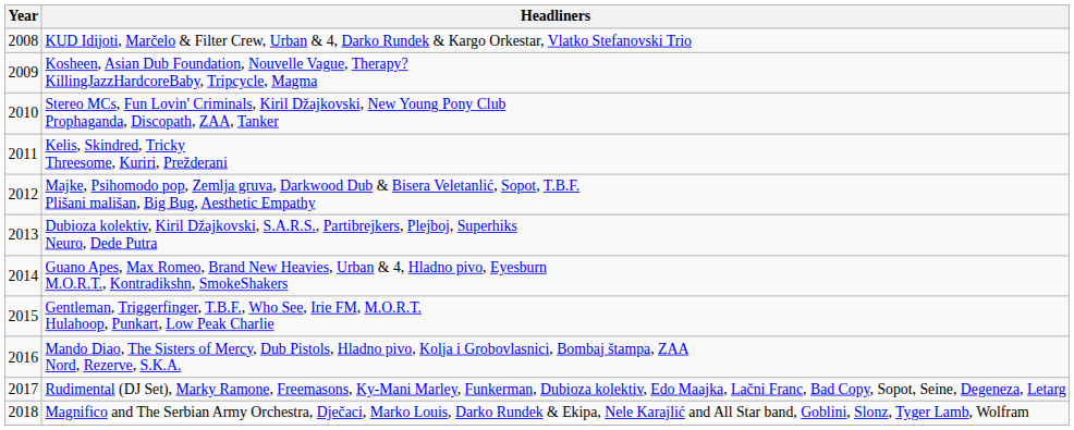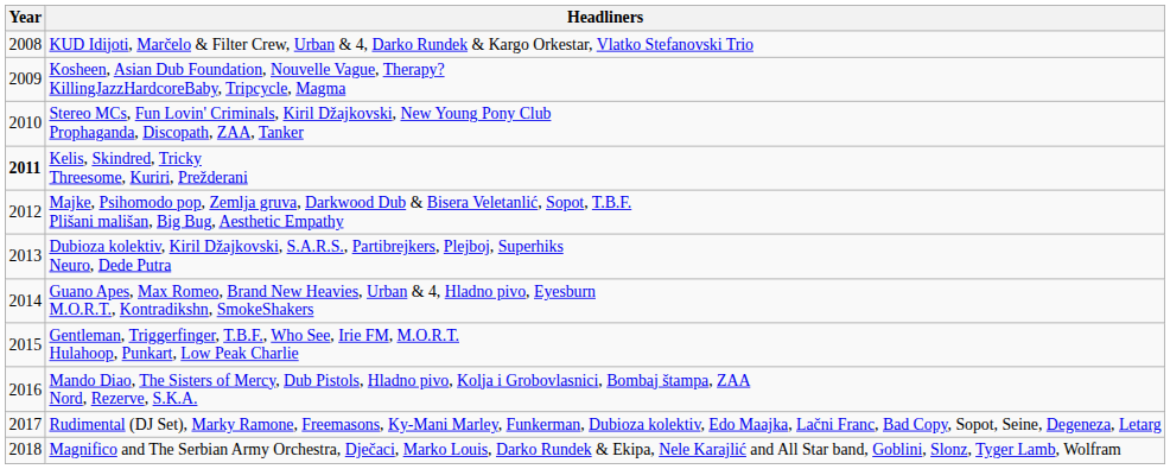 <table class="wikitable">
 <tr>
 <th>Year</th>
 <th>Headliners</th>
 </tr>
 <tr>
 <td>2008</td>
 <td><a href='#'>KUD Idijoti</a>, <a href='#'>Marčelo</a> & Filter Crew, <a href='#'>Urban</a> & 4, <a href='#'>Darko Rundek</a> & Kargo Orkestar, <a href='#'>Vlatko Stefanovski Trio</a></td>
 </tr>
 <tr>
 <td>2009</td>
 <td><a href='#'>Kosheen</a>, <a href='#'>Asian Dub Foundation</a>, <a href='#'>Nouvelle Vague</a>, <a href='#'>Therapy?</a><br><a href='#'>KillingJazzHardcoreBaby</a>, <a href='#'>Tripcycle</a>, <a href='#'>Magma</a></td>
 </tr>
 <tr>
 <td>2010</td>
 <td><a href='#'>Stereo MCs</a>, <a href='#'>Fun Lovin' Criminals</a>, <a href='#'>Kiril Džajkovski</a>, <a href='#'>New Young Pony Club</a><br><a href='#'>Prophaganda</a>, <a href='#'>Discopath</a>, <a href='#'>ZAA</a>, <a href='#'>Tanker</a></td>
 </tr>
 <tr>
-<td>2011</td>
+<td><strong>2011</strong></td>
 <td><a href='#'>Kelis</a>, <a href='#'>Skindred</a>, <a href='#'>Tricky</a><br><a href='#'>Threesome</a>, <a href='#'>Kuriri</a>, <a href='#'>Prežderani</a></td>
 </tr>
 <tr>
 <td>2012</td>
 <td><a href='#'>Majke</a>, <a href='#'>Psihomodo pop</a>, <a href='#'>Zemlja gruva</a>, <a href='#'>Darkwood Dub</a> & <a href='#'>Bisera Veletanlić</a>, <a href='#'>Sopot</a>, <a href='#'>T.B.F.</a><br><a href='#'>Plišani mališan</a>, <a href='#'>Big Bug</a>, <a href='#'>Aesthetic Empathy</a></td>
 </tr>
 <tr>
 <td>2013</td>
 <td><a href='#'>Dubioza kolektiv</a>, <a href='#'>Kiril Džajkovski</a>, <a href='#'>S.A.R.S.</a>, <a href='#'>Partibrejkers</a>, <a href='#'>Plejboj</a>, <a href='#'>Superhiks</a><br><a href='#'>Neuro</a>, <a href='#'>Dede Putra</a></td>
 </tr>
 <tr>
 <td>2014</td>
 <td><a href='#'>Guano Apes</a>, <a href='#'>Max Romeo</a>, <a href='#'>Brand New Heavies</a>, <a href='#'>Urban</a> & 4, <a href='#'>Hladno pivo</a>, <a href='#'>Eyesburn</a><br><a href='#'>M.O.R.T.</a>, <a href='#'>Kontradikshn</a>, <a href='#'>SmokeShakers</a></td>
 </tr>
 <tr>
 <td>2015</td>
 <td><a href='#'>Gentleman</a>, <a href='#'>Triggerfinger</a>, <a href='#'>T.B.F.</a>, <a href='#'>Who See</a>, <a href='#'>Irie FM</a>, <a href='#'>M.O.R.T.</a><br><a href='#'>Hulahoop</a>, <a href='#'>Punkart</a>, <a href='#'>Low Peak Charlie</a></td>
 </tr>
 <tr>
 <td>2016</td>
 <td><a href='#'>Mando Diao</a>, <a href='#'>The Sisters of Mercy</a>, <a href='#'>Dub Pistols</a>, <a href='#'>Hladno pivo</a>, <a href='#'>Kolja i Grobovlasnici</a>, <a href='#'>Bombaj štampa</a>, <a href='#'>ZAA</a><br><a href='#'>Nord</a>, <a href='#'>Rezerve</a>, <a href='#'>S.K.A.</a></td>
 </tr>
 <tr>
 <td>2017</td>
 <td><a href='#'>Rudimental</a> (DJ Set), <a href='#'>Marky Ramone</a>, <a href='#'>Freemasons</a>, <a href='#'>Ky-Mani Marley</a>, <a href='#'>Funkerman</a>, <a href='#'>Dubioza kolektiv</a>, <a href='#'>Edo Maajka</a>, <a href='#'>Lačni Franc</a>, <a href='#'>Bad Copy</a>, Sopot, Seine, <a href='#'>Degeneza</a>, <a href='#'>Letarg</a></td>
 </tr>
 <tr>
 <td>2018</td>
 <td><a href='#'>Magnifico</a> and The Serbian Army Orchestra, <a href='#'>Dječaci</a>, <a href='#'>Marko Louis</a>, <a href='#'>Darko Rundek</a> & Ekipa, <a href='#'>Nele Karajlić</a> and All Star band, <a href='#'>Goblini</a>, <a href='#'>Slonz</a>, <a href='#'>Tyger Lamb</a>, Wolfram</td>
 </tr>
 </table>
